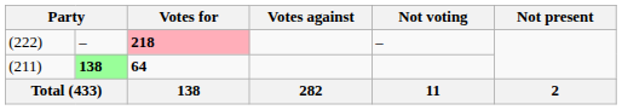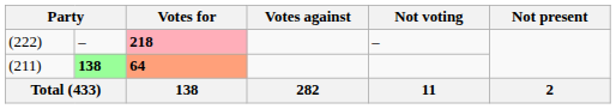 <table class="wikitable" style="width:50%;">
 <tr>
 <th colspan="2">Party</th>
 <th style="width:20%;">Votes for</th>
 <th style="width:20%;">Votes against</th>
 <th style="width:20%;">Not voting</th>
 <th style="width:20%;">Not present</th>
 </tr>
 <tr>
 <td> (222)</td>
 <td>–</td>
 <td style="background-color:#ffaeb9;"><strong>218</strong></td>
 <td></td>
 <td>–</td>
 </tr>
 <tr>
 <td> (211)</td>
 <td style="background-color:#9f9;"><strong>138</strong></td>
-<td><strong>64</strong></td>
+<td style="background: lightsalmon;"><strong>64</strong></td>
 <td></td>
 <td></td>
 </tr>
 <tr>
 <th colspan="2">Total (433)</th>
 <th>138</th>
 <th>282</th>
 <th>11</th>
 <th>2</th>
 </tr>
 </table>
